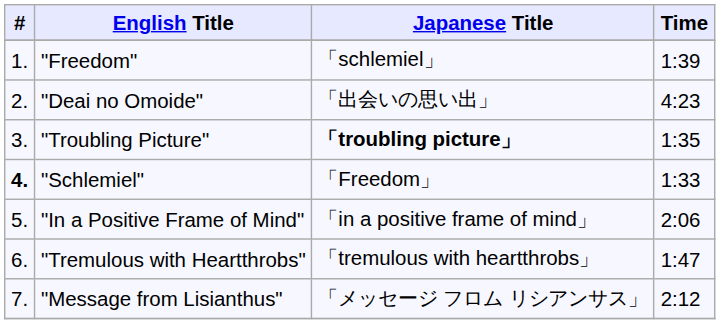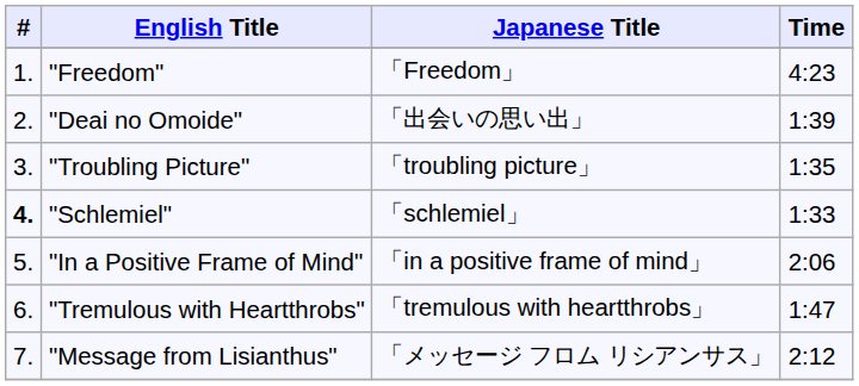 <table border="" cellpadding="4" cellspacing="0" style="border: 1px #aaaaaa solid; border-collapse: collapse; padding: 0.2em; margin: 1em 1em 1em 0; background: #f7f8ff; font-size:0.9em">
 <tr valign="middle" bgcolor="#e6e9ff">
 <th rowspan="1">#</th>
 <th rowspan="1"><a href='#'>English</a> Title</th>
 <th colspan="1"><a href='#'>Japanese</a> Title</th>
 <th rowspan="1">Time</th>
 </tr>
 <tr bgcolor="#e6e9ff">
 </tr>
 <tr>
 <td>1.</td>
 <td>"Freedom"</td>
-<td>「schlemiel」</td>
-<td>1:39</td>
+<td>「Freedom」</td>
+<td>4:23</td>
 </tr>
 <tr>
 <td>2.</td>
 <td>"Deai no Omoide"</td>
 <td>「出会いの思い出」</td>
-<td>4:23</td>
+<td>1:39</td>
 </tr>
 <tr>
 <td>3.</td>
 <td>"Troubling Picture"</td>
-<td><strong>「troubling picture」</strong></td>
+<td>「troubling picture」</td>
 <td>1:35</td>
 </tr>
 <tr>
 <td><strong>4.</strong></td>
 <td>"Schlemiel"</td>
-<td>「Freedom」</td>
+<td>「schlemiel」</td>
 <td>1:33</td>
 </tr>
 <tr>
 <td>5.</td>
 <td>"In a Positive Frame of Mind"</td>
 <td>「in a positive frame of mind」</td>
 <td>2:06</td>
 </tr>
 <tr>
 <td>6.</td>
 <td>"Tremulous with Heartthrobs"</td>
 <td>「tremulous with heartthrobs」</td>
 <td>1:47</td>
 </tr>
 <tr>
 <td>7.</td>
 <td>"Message from Lisianthus"</td>
 <td>「メッセージ フロム リシアンサス」</td>
 <td>2:12</td>
 </tr>
 <tr>
 </tr>
 </table>
